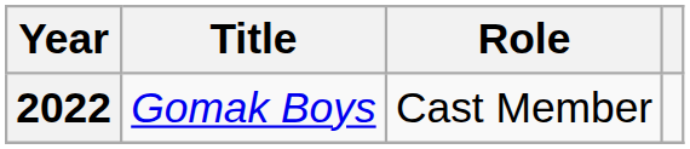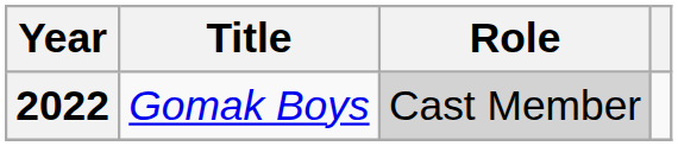 <table class="wikitable plainrowheaders">
 <tr>
 <th scope="col">Year</th>
 <th scope="col">Title</th>
 <th scope="col">Role</th>
 <th scope="col" class="unsortable"></th>
 </tr>
 <tr>
 <th scope="row">2022</th>
 <td><em><a href='#'>Gomak Boys</a></em></td>
-<td>Cast Member</td>
+<td style="background: lightgrey;">Cast Member</td>
 <td></td>
 </tr>
 <tr>
 </tr>
 </table>
